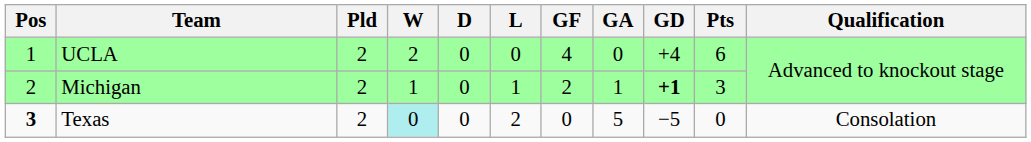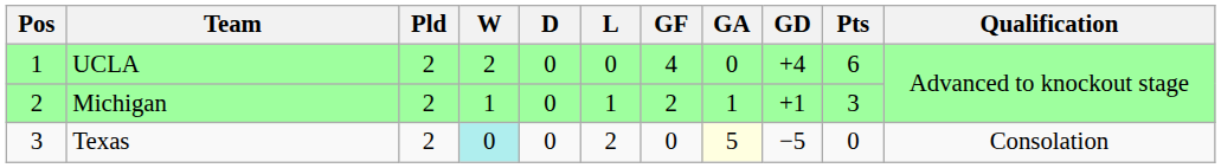 <table class="wikitable" style="text-align:center; margin: 1em auto">
 <tr>
 <th style="width:2em">Pos</th>
 <th style="width:13em">Team</th>
 <th style="width:2em">Pld</th>
 <th style="width:2em">W</th>
 <th style="width:2em">D</th>
 <th style="width:2em">L</th>
 <th style="width:2em">GF</th>
 <th style="width:2em">GA</th>
 <th style="width:2em">GD</th>
 <th style="width:2em">Pts</th>
 <th style="width:13em">Qualification</th>
 </tr>
 <tr bgcolor="#9eff9e">
 <td>1</td>
 <td style="text-align:left">UCLA</td>
 <td>2</td>
 <td>2</td>
 <td>0</td>
 <td>0</td>
 <td>4</td>
 <td>0</td>
 <td>+4</td>
 <td>6</td>
 <td rowspan="2">Advanced to knockout stage</td>
 </tr>
 <tr bgcolor="#9eff9e">
 <td>2</td>
 <td style="text-align:left">Michigan</td>
 <td>2</td>
 <td>1</td>
 <td>0</td>
 <td>1</td>
 <td>2</td>
 <td>1</td>
-<td><strong>+1</strong></td>
+<td>+1</td>
 <td>3</td>
 </tr>
 <tr>
-<td><strong>3</strong></td>
+<td>3</td>
 <td style="text-align:left">Texas</td>
 <td>2</td>
 <td style="background: paleturquoise;">0</td>
 <td>0</td>
 <td>2</td>
 <td>0</td>
-<td>5</td>
+<td style="background: lightyellow;">5</td>
 <td>−5</td>
 <td>0</td>
 <td>Consolation</td>
 </tr>
 </table>
